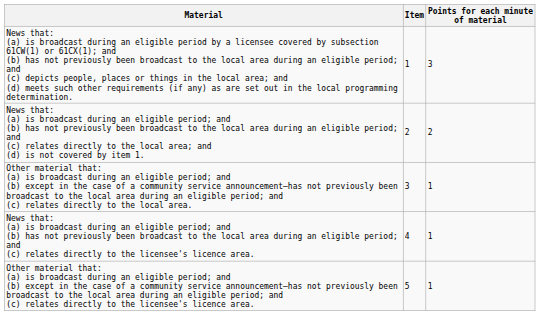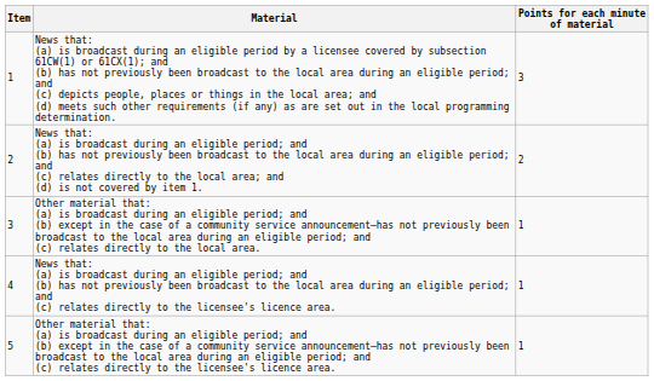 <table class="wikitable">
 <tr>
+<th>Item</th>
 <th>Material</th>
-<th>Item</th>
 <th>Points for each minute of material</th>
 </tr>
 <tr>
+<td>1</td>
 <td>News that:<br>(a) is broadcast during an eligible period by a licensee covered by subsection 61CW(1) or 61CX(1); and<br>(b) has not previously been broadcast to the local area during an eligible period; and<br>(c) depicts people, places or things in the local area; and<br>(d) meets such other requirements (if any) as are set out in the local programming determination.</td>
-<td>1</td>
 <td>3</td>
 </tr>
 <tr>
+<td>2</td>
 <td>News that:<br>(a) is broadcast during an eligible period; and<br>(b) has not previously been broadcast to the local area during an eligible period; and<br>(c) relates directly to the local area; and<br>(d) is not covered by item 1.</td>
-<td>2</td>
 <td>2</td>
 </tr>
 <tr>
+<td>3</td>
 <td>Other material that:<br>(a) is broadcast during an eligible period; and<br>(b) except in the case of a community service announcement—has not previously been broadcast to the local area during an eligible period; and<br>(c) relates directly to the local area.</td>
-<td>3</td>
 <td>1</td>
 </tr>
 <tr>
+<td>4</td>
 <td>News that:<br>(a) is broadcast during an eligible period; and<br>(b) has not previously been broadcast to the local area during an eligible period; and<br>(c) relates directly to the licensee's licence area.</td>
-<td>4</td>
 <td>1</td>
 </tr>
 <tr>
+<td>5</td>
 <td>Other material that:<br>(a) is broadcast during an eligible period; and<br>(b) except in the case of a community service announcement—has not previously been broadcast to the local area during an eligible period; and<br>(c) relates directly to the licensee's licence area.</td>
-<td>5</td>
 <td>1</td>
 </tr>
 </table>
